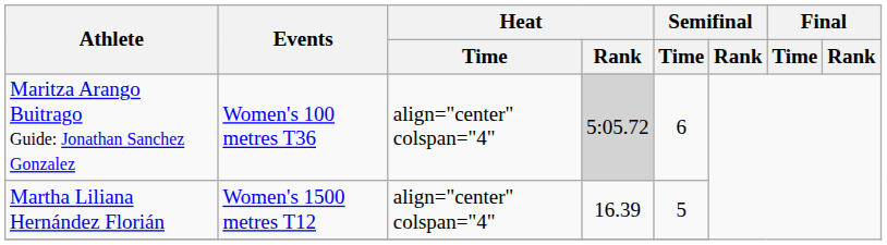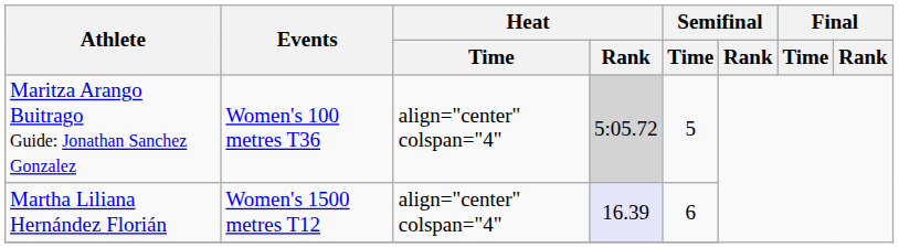 <table class=wikitable style="font-size:90%">
 <tr>
 <th rowspan="2">Athlete</th>
 <th rowspan="2">Events</th>
 <th colspan="2">Heat</th>
 <th colspan="2">Semifinal</th>
 <th colspan="2">Final</th>
 </tr>
 <tr>
 <th>Time</th>
 <th>Rank</th>
 <th>Time</th>
 <th>Rank</th>
 <th>Time</th>
 <th>Rank</th>
 </tr>
 <tr>
 <td rowspan=1><a href='#'>Maritza Arango Buitrago</a><br><small>Guide: <a href='#'>Jonathan Sanchez Gonzalez</a></small></td>
 <td><a href='#'>Women's 100 metres T36</a></td>
 <td>align="center" colspan="4" </td>
 <td align="center" style="background: lightgrey;">5:05.72</td>
-<td align="center">6</td>
+<td align="center">5</td>
 </tr>
 <tr>
 <td rowspan=1><a href='#'>Martha Liliana Hernández Florián</a></td>
 <td><a href='#'>Women's 1500 metres T12</a></td>
 <td>align="center" colspan="4" </td>
-<td align="center">16.39</td>
-<td align="center">5</td>
+<td align="center" style="background: lavender;">16.39</td>
+<td align="center">6</td>
 </tr>
 <tr>
 </tr>
 </table>
